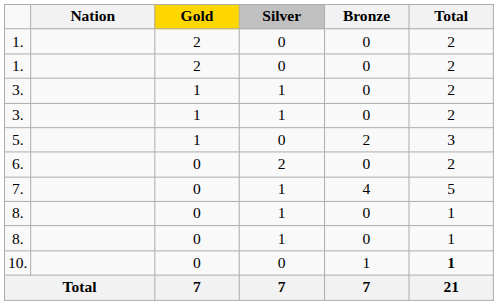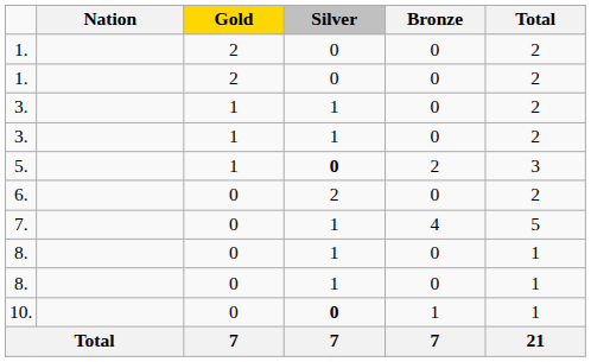 <table class="wikitable" style="text-align:center">
 <tr>
 <td width="20"></td>
 <th width="120">Nation</th>
 <th style="background-color:gold;" width="80"> Gold</th>
 <th style="background-color:silver;" width="80"> Silver</th>
 <th style="background-color:##CC9966;" width="80"> Bronze</th>
 <th width="80">Total</th>
 </tr>
 <tr>
 <td>1.</td>
 <td style="text-align:left;"></td>
 <td>2</td>
 <td>0</td>
 <td>0</td>
 <td>2</td>
 </tr>
 <tr>
 <td>1.</td>
 <td style="text-align:left;"></td>
 <td>2</td>
 <td>0</td>
 <td>0</td>
 <td>2</td>
 </tr>
 <tr>
 <td>3.</td>
 <td style="text-align:left;"></td>
 <td>1</td>
 <td>1</td>
 <td>0</td>
 <td>2</td>
 </tr>
 <tr>
 <td>3.</td>
 <td style="text-align:left;"></td>
 <td>1</td>
 <td>1</td>
 <td>0</td>
 <td>2</td>
 </tr>
 <tr>
 <td>5.</td>
 <td style="text-align:left;"></td>
 <td>1</td>
-<td>0</td>
+<td><strong>0</strong></td>
 <td>2</td>
 <td>3</td>
 </tr>
 <tr>
 <td>6.</td>
 <td style="text-align:left;"></td>
 <td>0</td>
 <td>2</td>
 <td>0</td>
 <td>2</td>
 </tr>
 <tr>
 <td>7.</td>
 <td style="text-align:left;"></td>
 <td>0</td>
 <td>1</td>
 <td>4</td>
 <td>5</td>
 </tr>
 <tr>
 <td>8.</td>
 <td style="text-align:left;"></td>
 <td>0</td>
 <td>1</td>
 <td>0</td>
 <td>1</td>
 </tr>
 <tr>
 <td>8.</td>
 <td style="text-align:left;"></td>
 <td>0</td>
 <td>1</td>
 <td>0</td>
 <td>1</td>
 </tr>
 <tr>
 <td>10.</td>
 <td style="text-align:left;"></td>
 <td>0</td>
-<td>0</td>
+<td><strong>0</strong></td>
 <td>1</td>
-<td><strong>1</strong></td>
+<td>1</td>
 </tr>
 <tr>
 <th colspan=2>Total</th>
 <th>7</th>
 <th>7</th>
 <th>7</th>
 <th>21</th>
 </tr>
 </table>
